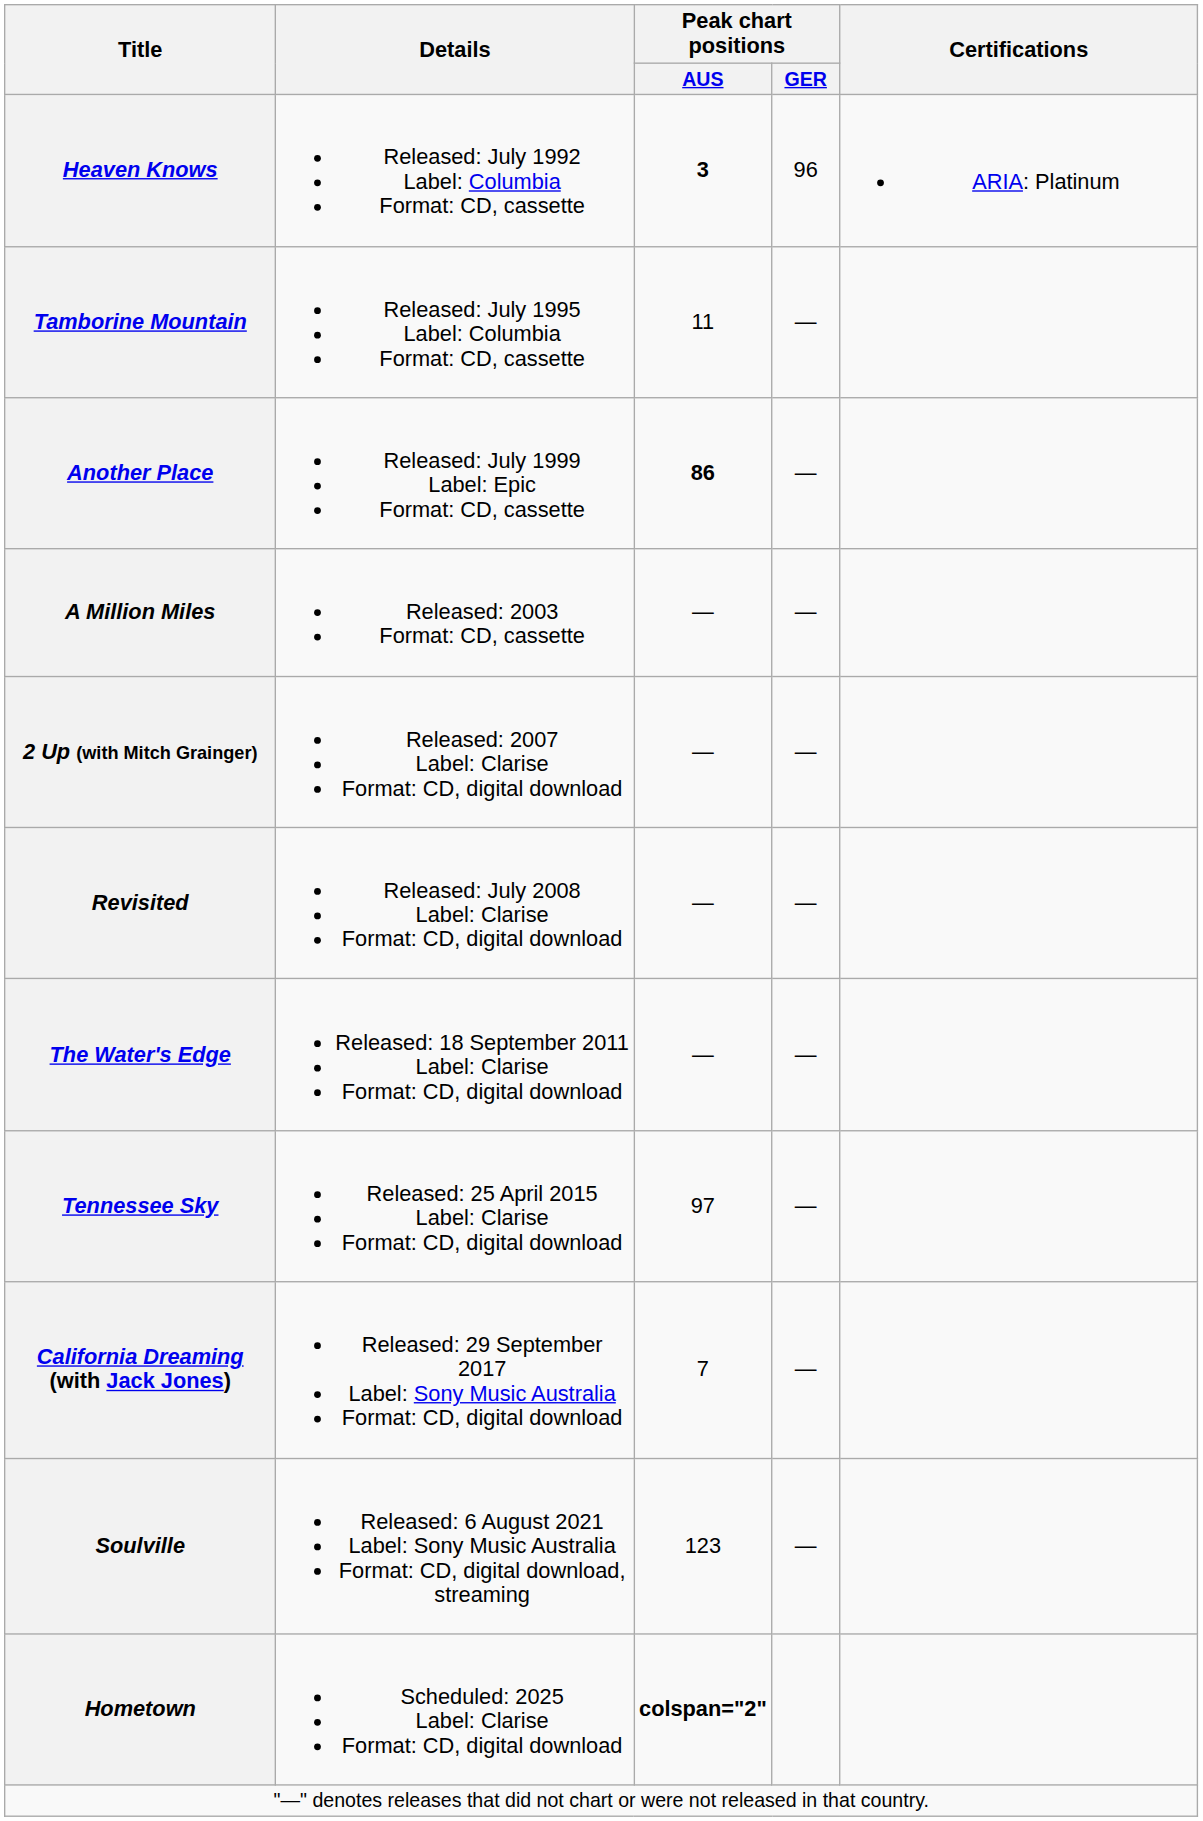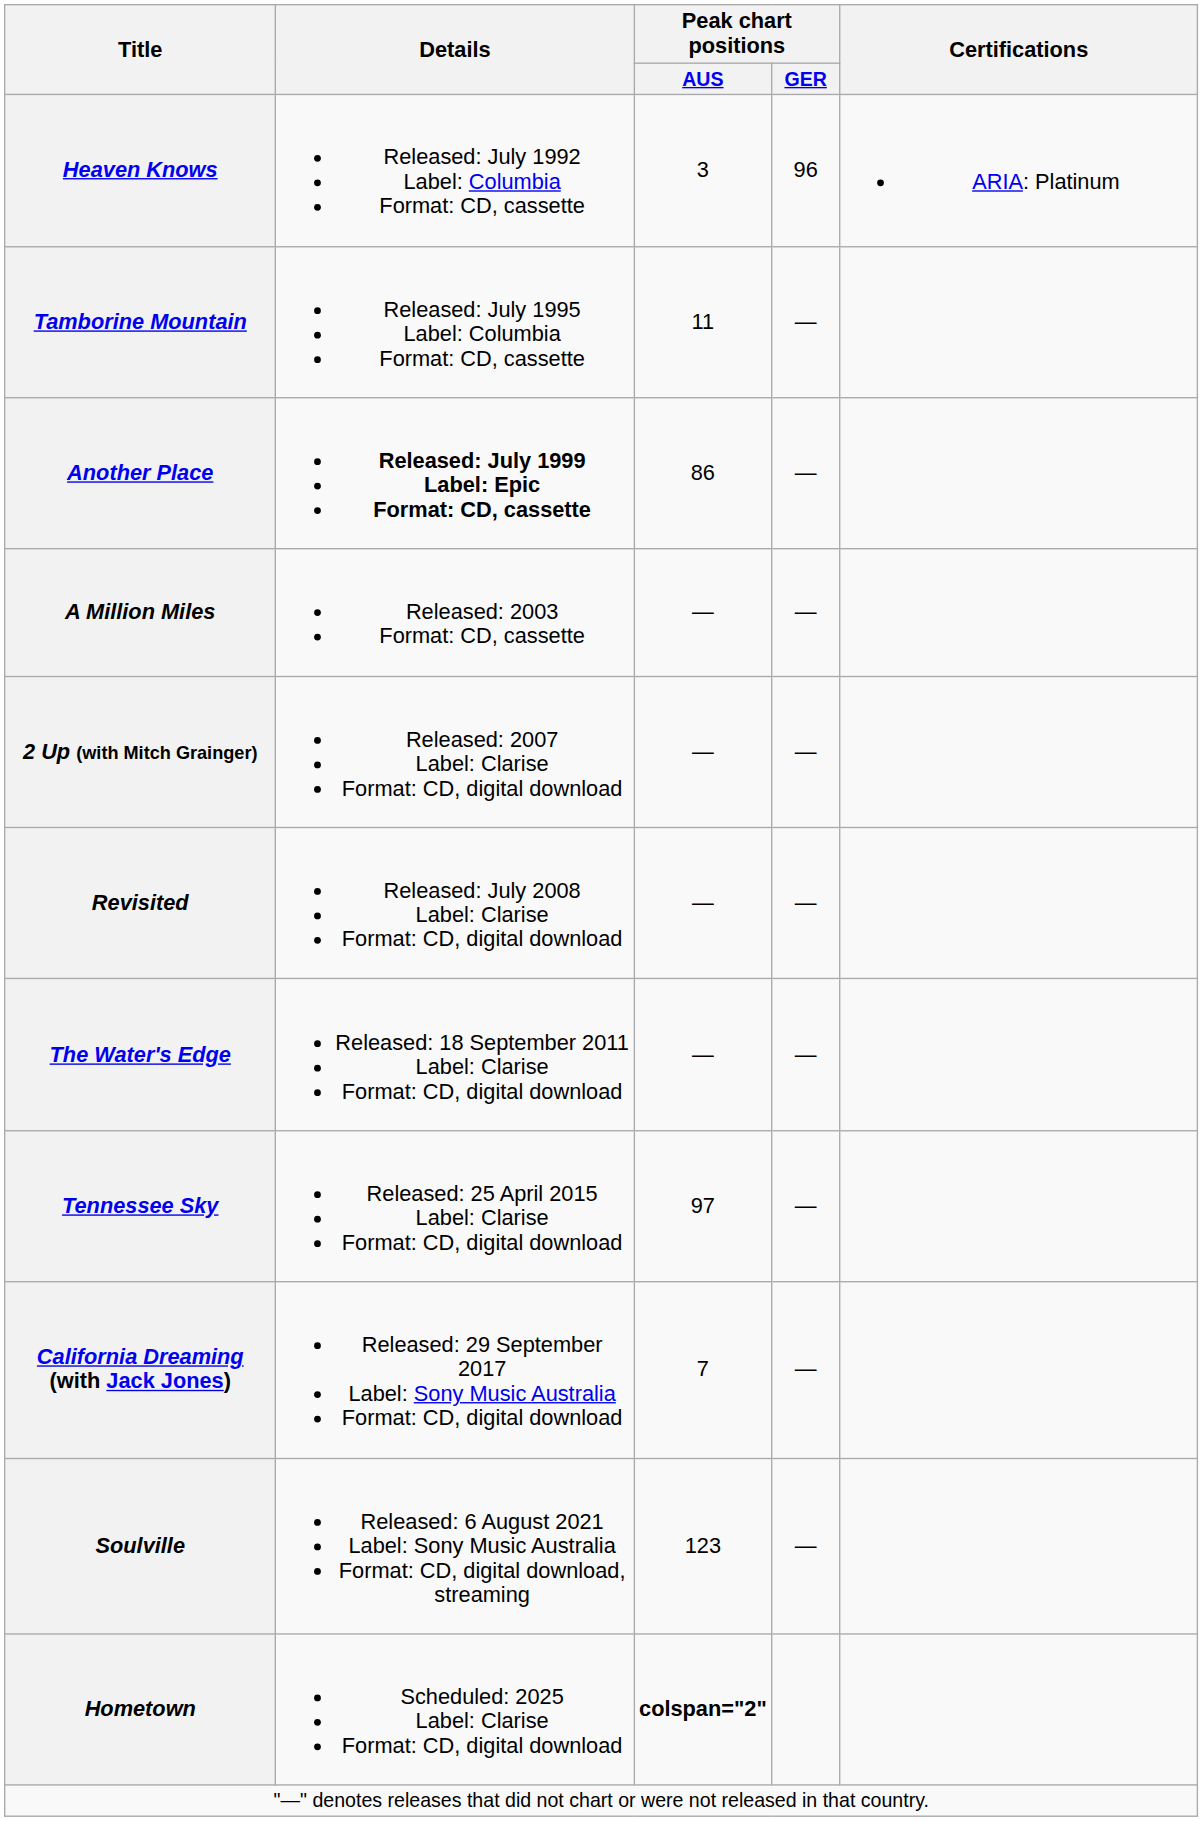 <table class="wikitable plainrowheaders" style="text-align:center;" border="1">
 <tr>
 <th scope="col" rowspan="2" style="width:12em;">Title</th>
 <th scope="col" rowspan="2" style="width:16em;">Details</th>
 <th scope="col" colspan="2">Peak chart positions</th>
 <th scope="col" rowspan="2" style="width:16em;">Certifications</th>
 </tr>
 <tr>
 <th scope="col" style="width:3em;font-size:90%;"><a href='#'>AUS</a><br></th>
 <th scope="col" style="width:3em;font-size:90%;"><a href='#'>GER</a><br></th>
 </tr>
 <tr>
 <th scope="row"><em><a href='#'>Heaven Knows</a></em></th>
 <td><br><ul><li>Released: July 1992</li><li>Label: <a href='#'>Columbia</a></li><li>Format: CD, cassette</li></ul></td>
-<td><strong>3</strong></td>
+<td>3</td>
 <td>96</td>
 <td><br><ul><li><a href='#'>ARIA</a>: Platinum</li></ul></td>
 </tr>
 <tr>
 <th scope="row"><em><a href='#'>Tamborine Mountain</a></em></th>
 <td><br><ul><li>Released: July 1995</li><li>Label: Columbia</li><li>Format: CD, cassette</li></ul></td>
 <td>11</td>
 <td>—</td>
 <td></td>
 </tr>
 <tr>
 <th scope="row"><em><a href='#'>Another Place</a></em></th>
-<td><br><ul><li>Released: July 1999</li><li>Label: Epic</li><li>Format: CD, cassette</li></ul></td>
-<td><strong>86</strong></td>
+<td><strong><br><ul><li>Released: July 1999</li><li>Label: Epic</li><li>Format: CD, cassette</li></ul></strong></td>
+<td>86</td>
 <td>—</td>
 <td></td>
 </tr>
 <tr>
 <th scope="row"><em>A Million Miles</em></th>
 <td><br><ul><li>Released: 2003</li><li>Format: CD, cassette</li></ul></td>
 <td>—</td>
 <td>—</td>
 <td></td>
 </tr>
 <tr>
 <th scope="row"><em>2 Up</em> <small> (with Mitch Grainger) </small></th>
 <td><br><ul><li>Released: 2007</li><li>Label: Clarise</li><li>Format: CD, digital download</li></ul></td>
 <td>—</td>
 <td>—</td>
 <td></td>
 </tr>
 <tr>
 <th scope="row"><em>Revisited</em></th>
 <td><br><ul><li>Released: July 2008</li><li>Label: Clarise</li><li>Format: CD, digital download</li></ul></td>
 <td>—</td>
 <td>—</td>
 <td></td>
 </tr>
 <tr>
 <th scope="row"><em><a href='#'>The Water's Edge</a></em></th>
 <td><br><ul><li>Released: 18 September 2011</li><li>Label: Clarise</li><li>Format: CD, digital download</li></ul></td>
 <td>—</td>
 <td>—</td>
 <td></td>
 </tr>
 <tr>
 <th scope="row"><em><a href='#'>Tennessee Sky</a></em></th>
 <td><br><ul><li>Released: 25 April 2015</li><li>Label: Clarise</li><li>Format: CD, digital download</li></ul></td>
 <td>97</td>
 <td>—</td>
 <td></td>
 </tr>
 <tr>
 <th scope="row"><em><a href='#'>California Dreaming</a></em> <br> (with <a href='#'>Jack Jones</a>)</th>
 <td><br><ul><li>Released: 29 September 2017</li><li>Label: <a href='#'>Sony Music Australia</a></li><li>Format: CD, digital download</li></ul></td>
 <td>7</td>
 <td>—</td>
 <td></td>
 </tr>
 <tr>
 <th scope="row"><em>Soulville</em></th>
 <td><br><ul><li>Released: 6 August 2021</li><li>Label: Sony Music Australia</li><li>Format: CD, digital download, streaming</li></ul></td>
 <td>123</td>
 <td>—</td>
 <td></td>
 </tr>
 <tr>
 <th scope="row"><em>Hometown</em></th>
 <td><br><ul><li>Scheduled: 2025</li><li>Label: Clarise</li><li>Format: CD, digital download</li></ul></td>
 <td><strong>colspan="2" </strong></td>
 <td></td>
 </tr>
 <tr>
 <td align="center" colspan="6" style="font-size: 90%">"—" denotes releases that did not chart or were not released in that country.</td>
 </tr>
 </table>
